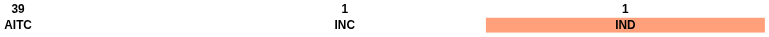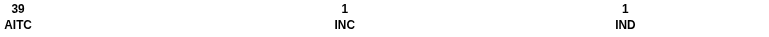 <table style="width:100%; text-align:center;">
 <tr>
 <td style="background:"><strong>39</strong></td>
 <td style="background:"><strong>1</strong></td>
 <td style="background:"><strong>1</strong></td>
 </tr>
 <tr>
 <td><span><strong>AITC</strong></span></td>
 <td><span><strong>INC</strong></span></td>
-<td style="background: lightsalmon;"><span><strong>IND</strong></span></td>
+<td><span><strong>IND</strong></span></td>
 </tr>
 </table>
